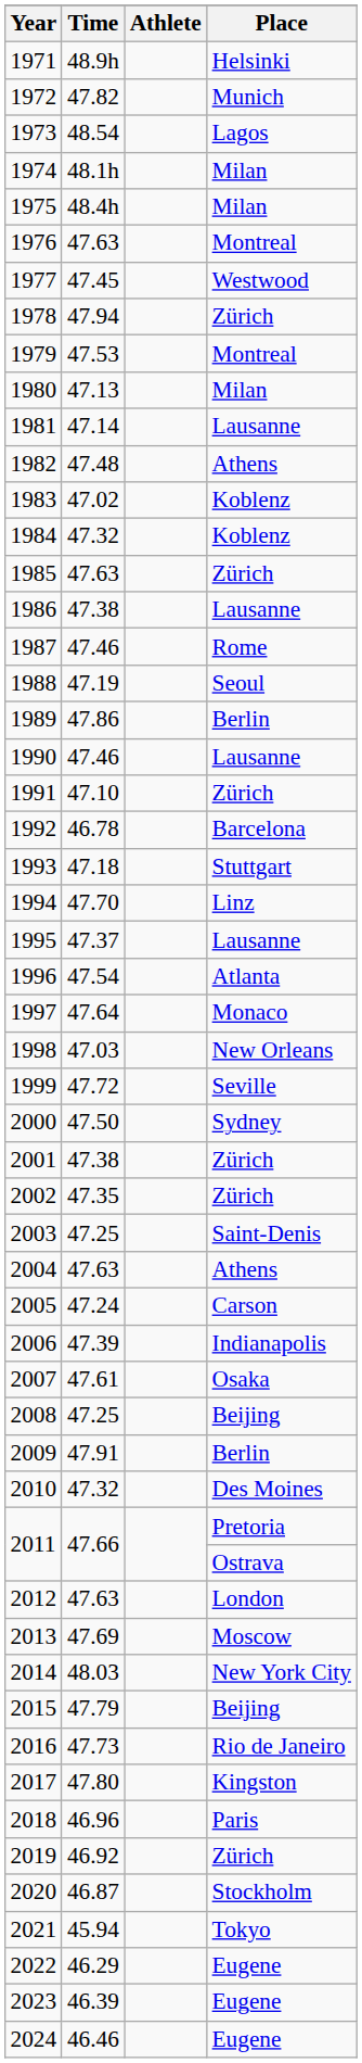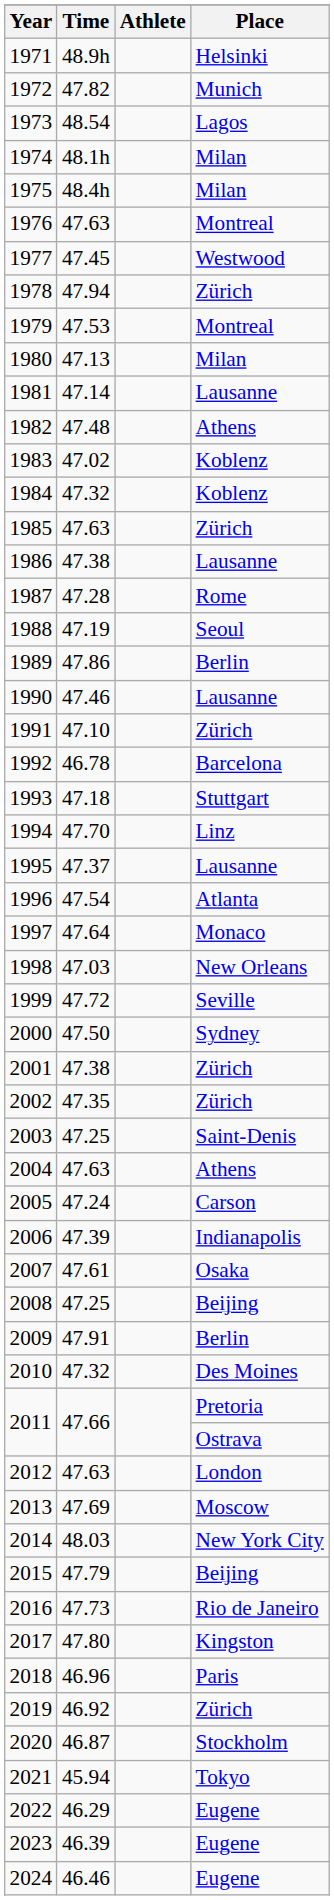 <table class="wikitable sortable" style="font-size:100%; display:inline-table;">
 <tr>
 </tr>
 <tr>
 <th>Year</th>
 <th>Time</th>
 <th>Athlete</th>
 <th>Place</th>
 </tr>
 <tr>
 <td>1971</td>
 <td>48.9h</td>
 <td align=left></td>
 <td><a href='#'>Helsinki</a></td>
 </tr>
 <tr>
 <td>1972</td>
 <td>47.82</td>
 <td align=left></td>
 <td><a href='#'>Munich</a></td>
 </tr>
 <tr>
 <td>1973</td>
 <td>48.54</td>
 <td align=left></td>
 <td><a href='#'>Lagos</a></td>
 </tr>
 <tr>
 <td>1974</td>
 <td>48.1h</td>
 <td align=left></td>
 <td><a href='#'>Milan</a></td>
 </tr>
 <tr>
 <td>1975</td>
 <td>48.4h</td>
 <td align=left></td>
 <td><a href='#'>Milan</a></td>
 </tr>
 <tr>
 <td>1976</td>
 <td>47.63</td>
 <td align=left></td>
 <td><a href='#'>Montreal</a></td>
 </tr>
 <tr>
 <td>1977</td>
 <td>47.45</td>
 <td align=left></td>
 <td><a href='#'>Westwood</a></td>
 </tr>
 <tr>
 <td>1978</td>
 <td>47.94</td>
 <td align=left></td>
 <td><a href='#'>Zürich</a></td>
 </tr>
 <tr>
 <td>1979</td>
 <td>47.53</td>
 <td align=left></td>
 <td><a href='#'>Montreal</a></td>
 </tr>
 <tr>
 <td>1980</td>
 <td>47.13</td>
 <td align=left></td>
 <td><a href='#'>Milan</a></td>
 </tr>
 <tr>
 <td>1981</td>
 <td>47.14</td>
 <td align=left></td>
 <td><a href='#'>Lausanne</a></td>
 </tr>
 <tr>
 <td>1982</td>
 <td>47.48</td>
 <td align=left></td>
 <td><a href='#'>Athens</a></td>
 </tr>
 <tr>
 <td>1983</td>
 <td>47.02</td>
 <td align=left></td>
 <td><a href='#'>Koblenz</a></td>
 </tr>
 <tr>
 <td>1984</td>
 <td>47.32</td>
 <td align=left></td>
 <td><a href='#'>Koblenz</a></td>
 </tr>
 <tr>
 <td>1985</td>
 <td>47.63</td>
 <td align=left></td>
 <td><a href='#'>Zürich</a></td>
 </tr>
 <tr>
 <td>1986</td>
 <td>47.38</td>
 <td align=left></td>
 <td><a href='#'>Lausanne</a></td>
 </tr>
 <tr>
 <td>1987</td>
-<td>47.46</td>
+<td>47.28</td>
 <td align=left></td>
 <td><a href='#'>Rome</a></td>
 </tr>
 <tr>
 <td>1988</td>
 <td>47.19</td>
 <td align=left></td>
 <td><a href='#'>Seoul</a></td>
 </tr>
 <tr>
 <td>1989</td>
 <td>47.86</td>
 <td align=left></td>
 <td><a href='#'>Berlin</a></td>
 </tr>
 <tr>
 <td>1990</td>
 <td>47.46</td>
 <td align=left></td>
 <td><a href='#'>Lausanne</a></td>
 </tr>
 <tr>
 <td>1991</td>
 <td>47.10</td>
 <td align=left></td>
 <td><a href='#'>Zürich</a></td>
 </tr>
 <tr>
 <td>1992</td>
 <td>46.78</td>
 <td align=left></td>
 <td><a href='#'>Barcelona</a></td>
 </tr>
 <tr>
 <td>1993</td>
 <td>47.18</td>
 <td align=left></td>
 <td><a href='#'>Stuttgart</a></td>
 </tr>
 <tr>
 <td>1994</td>
 <td>47.70</td>
 <td align=left></td>
 <td><a href='#'>Linz</a></td>
 </tr>
 <tr>
 <td>1995</td>
 <td>47.37</td>
 <td align=left></td>
 <td><a href='#'>Lausanne</a></td>
 </tr>
 <tr>
 <td>1996</td>
 <td>47.54</td>
 <td align=left></td>
 <td><a href='#'>Atlanta</a></td>
 </tr>
 <tr>
 <td>1997</td>
 <td>47.64</td>
 <td align=left></td>
 <td><a href='#'>Monaco</a></td>
 </tr>
 <tr>
 <td>1998</td>
 <td>47.03</td>
 <td align=left></td>
 <td><a href='#'>New Orleans</a></td>
 </tr>
 <tr>
 <td>1999</td>
 <td>47.72</td>
 <td align=left></td>
 <td><a href='#'>Seville</a></td>
 </tr>
 <tr>
 <td>2000</td>
 <td>47.50</td>
 <td align=left></td>
 <td><a href='#'>Sydney</a></td>
 </tr>
 <tr>
 <td>2001</td>
 <td>47.38</td>
 <td align=left></td>
 <td><a href='#'>Zürich</a></td>
 </tr>
 <tr>
 <td>2002</td>
 <td>47.35</td>
 <td align=left></td>
 <td><a href='#'>Zürich</a></td>
 </tr>
 <tr>
 <td>2003</td>
 <td>47.25</td>
 <td align=left></td>
 <td><a href='#'>Saint-Denis</a></td>
 </tr>
 <tr>
 <td>2004</td>
 <td>47.63</td>
 <td align=left></td>
 <td><a href='#'>Athens</a></td>
 </tr>
 <tr>
 <td>2005</td>
 <td>47.24</td>
 <td align=left></td>
 <td><a href='#'>Carson</a></td>
 </tr>
 <tr>
 <td>2006</td>
 <td>47.39</td>
 <td align=left></td>
 <td><a href='#'>Indianapolis</a></td>
 </tr>
 <tr>
 <td>2007</td>
 <td>47.61</td>
 <td align=left></td>
 <td><a href='#'>Osaka</a></td>
 </tr>
 <tr>
 <td>2008</td>
 <td>47.25</td>
 <td align=left></td>
 <td><a href='#'>Beijing</a></td>
 </tr>
 <tr>
 <td>2009</td>
 <td>47.91</td>
 <td align=left></td>
 <td><a href='#'>Berlin</a></td>
 </tr>
 <tr>
 <td>2010</td>
 <td>47.32</td>
 <td align=left></td>
 <td><a href='#'>Des Moines</a></td>
 </tr>
 <tr>
 <td rowspan=2>2011</td>
 <td rowspan=2>47.66</td>
 <td rowspan=2 align=left></td>
 <td><a href='#'>Pretoria</a></td>
 </tr>
 <tr>
 <td><a href='#'>Ostrava</a></td>
 </tr>
 <tr>
 <td>2012</td>
 <td>47.63</td>
 <td align=left></td>
 <td><a href='#'>London</a></td>
 </tr>
 <tr>
 <td>2013</td>
 <td>47.69</td>
 <td align=left></td>
 <td><a href='#'>Moscow</a></td>
 </tr>
 <tr>
 <td>2014</td>
 <td>48.03</td>
 <td align=left></td>
 <td><a href='#'>New York City</a></td>
 </tr>
 <tr>
 <td>2015</td>
 <td>47.79</td>
 <td align=left></td>
 <td><a href='#'>Beijing</a></td>
 </tr>
 <tr>
 <td>2016</td>
 <td>47.73</td>
 <td align=left></td>
 <td><a href='#'>Rio de Janeiro</a></td>
 </tr>
 <tr>
 <td>2017</td>
 <td>47.80</td>
 <td align=left></td>
 <td><a href='#'>Kingston</a></td>
 </tr>
 <tr>
 <td>2018</td>
 <td>46.96</td>
 <td align=left></td>
 <td><a href='#'>Paris</a></td>
 </tr>
 <tr>
 <td>2019</td>
 <td>46.92</td>
 <td align=left></td>
 <td><a href='#'>Zürich</a></td>
 </tr>
 <tr>
 <td>2020</td>
 <td>46.87</td>
 <td align=left></td>
 <td><a href='#'>Stockholm</a></td>
 </tr>
 <tr>
 <td>2021</td>
 <td>45.94</td>
 <td align=left></td>
 <td><a href='#'>Tokyo</a></td>
 </tr>
 <tr>
 <td>2022</td>
 <td>46.29</td>
 <td align=left></td>
 <td><a href='#'>Eugene</a></td>
 </tr>
 <tr>
 <td>2023</td>
 <td>46.39</td>
 <td align=left></td>
 <td><a href='#'>Eugene</a></td>
 </tr>
 <tr>
 <td>2024</td>
 <td>46.46</td>
 <td align=left></td>
 <td><a href='#'>Eugene</a></td>
 </tr>
 </table>
